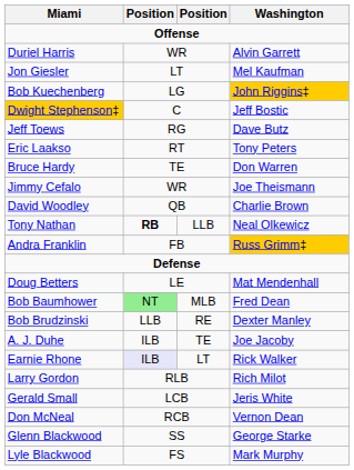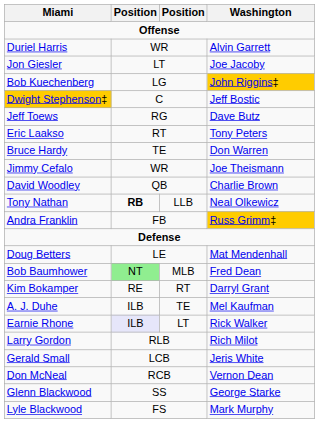 <table class="wikitable">
 <tr>
 <th style="width:150px;">Miami</th>
 <th>Position</th>
 <th>Position</th>
 <th style="width:150px;">Washington</th>
 </tr>
 <tr>
 <td colspan="4" style="text-align:center;"><strong>Offense</strong></td>
 </tr>
 <tr>
 <td><a href='#'>Duriel Harris</a></td>
 <td colspan="2" style="text-align:center;">WR</td>
 <td><a href='#'>Alvin Garrett</a></td>
 </tr>
 <tr>
 <td><a href='#'>Jon Giesler</a></td>
 <td colspan="2" style="text-align:center;">LT</td>
-<td><a href='#'>Mel Kaufman</a></td>
+<td><a href='#'>Joe Jacoby</a></td>
 </tr>
 <tr>
 <td><a href='#'>Bob Kuechenberg</a></td>
 <td colspan="2" style="text-align:center;">LG</td>
 <td bgcolor="#FFCC00"><a href='#'>John Riggins</a>‡</td>
 </tr>
 <tr>
 <td bgcolor="#FFCC00"><a href='#'>Dwight Stephenson</a>‡</td>
 <td colspan="2" style="text-align:center;">C</td>
 <td><a href='#'>Jeff Bostic</a></td>
 </tr>
 <tr>
 <td><a href='#'>Jeff Toews</a></td>
 <td colspan="2" style="text-align:center;">RG</td>
 <td><a href='#'>Dave Butz</a></td>
 </tr>
 <tr>
 <td><a href='#'>Eric Laakso</a></td>
 <td colspan="2" style="text-align:center;">RT</td>
 <td><a href='#'>Tony Peters</a></td>
 </tr>
 <tr>
 <td><a href='#'>Bruce Hardy</a></td>
 <td colspan="2" style="text-align:center;">TE</td>
 <td><a href='#'>Don Warren</a></td>
 </tr>
 <tr>
 <td><a href='#'>Jimmy Cefalo</a></td>
 <td colspan="2" style="text-align:center;">WR</td>
 <td><a href='#'>Joe Theismann</a></td>
 </tr>
 <tr>
 <td><a href='#'>David Woodley</a></td>
 <td colspan="2" style="text-align:center;">QB</td>
 <td><a href='#'>Charlie Brown</a></td>
 </tr>
 <tr>
 <td><a href='#'>Tony Nathan</a></td>
 <td style="text-align:center;"><strong>RB</strong></td>
 <td style="text-align:center;">LLB</td>
 <td><a href='#'>Neal Olkewicz</a></td>
 </tr>
 <tr>
 <td><a href='#'>Andra Franklin</a></td>
 <td colspan="2" style="text-align:center;">FB</td>
 <td bgcolor="#FFCC00"><a href='#'>Russ Grimm</a>‡</td>
 </tr>
 <tr>
 <td colspan="4" style="text-align:center;"><strong>Defense</strong></td>
 </tr>
 <tr>
 <td><a href='#'>Doug Betters</a></td>
 <td colspan="2" style="text-align:center;">LE</td>
 <td><a href='#'>Mat Mendenhall</a></td>
 </tr>
 <tr>
 <td><a href='#'>Bob Baumhower</a></td>
 <td style="background: lightgreen; text-align:center;">NT</td>
 <td style="text-align:center;">MLB</td>
 <td><a href='#'>Fred Dean</a></td>
 </tr>
 <tr>
-<td><a href='#'>Bob Brudzinski</a></td>
-<td style="text-align:center;">LLB</td>
+<td><a href='#'>Kim Bokamper</a></td>
 <td style="text-align:center;">RE</td>
-<td><a href='#'>Dexter Manley</a></td>
+<td style="text-align:center;">RT</td>
+<td><a href='#'>Darryl Grant</a></td>
 </tr>
 <tr>
 <td><a href='#'>A. J. Duhe</a></td>
 <td style="text-align:center;">ILB</td>
 <td style="text-align:center;">TE</td>
-<td><a href='#'>Joe Jacoby</a></td>
+<td><a href='#'>Mel Kaufman</a></td>
 </tr>
 <tr>
 <td><a href='#'>Earnie Rhone</a></td>
 <td style="background: lavender; text-align:center;">ILB</td>
 <td style="text-align:center;">LT</td>
 <td><a href='#'>Rick Walker</a></td>
 </tr>
 <tr>
 <td><a href='#'>Larry Gordon</a></td>
 <td colspan="2" style="text-align:center;">RLB</td>
 <td><a href='#'>Rich Milot</a></td>
 </tr>
 <tr>
 <td><a href='#'>Gerald Small</a></td>
 <td colspan="2" style="text-align:center;">LCB</td>
 <td><a href='#'>Jeris White</a></td>
 </tr>
 <tr>
 <td><a href='#'>Don McNeal</a></td>
 <td colspan="2" style="text-align:center;">RCB</td>
 <td><a href='#'>Vernon Dean</a></td>
 </tr>
 <tr>
 <td><a href='#'>Glenn Blackwood</a></td>
 <td colspan="2" style="text-align:center;">SS</td>
 <td><a href='#'>George Starke</a></td>
 </tr>
 <tr>
 <td><a href='#'>Lyle Blackwood</a></td>
 <td colspan="2" style="text-align:center;">FS</td>
 <td><a href='#'>Mark Murphy</a></td>
 </tr>
 </table>
